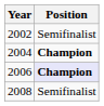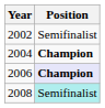 <table class= "wikitable sortable">
 <tr>
 <th width=px>Year</th>
 <th width=px>Position</th>
 </tr>
 <tr>
 <td>2002</td>
 <td>Semifinalist</td>
 </tr>
 <tr>
 <td>2004</td>
 <td><strong>Champion</strong></td>
 </tr>
 <tr>
 <td>2006</td>
 <td style="background: lavender;"><strong>Champion</strong></td>
 </tr>
 <tr>
 <td>2008</td>
-<td>Semifinalist</td>
+<td style="background: paleturquoise;">Semifinalist</td>
 </tr>
 </table>
